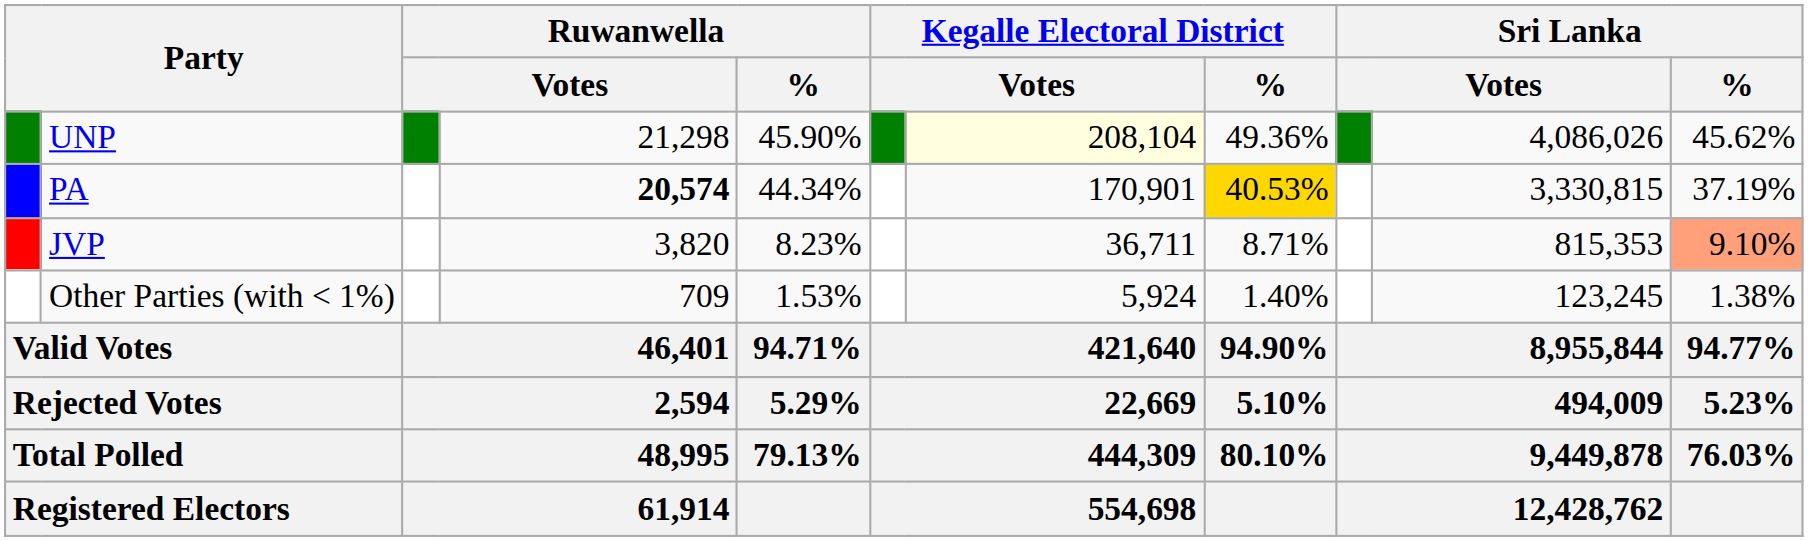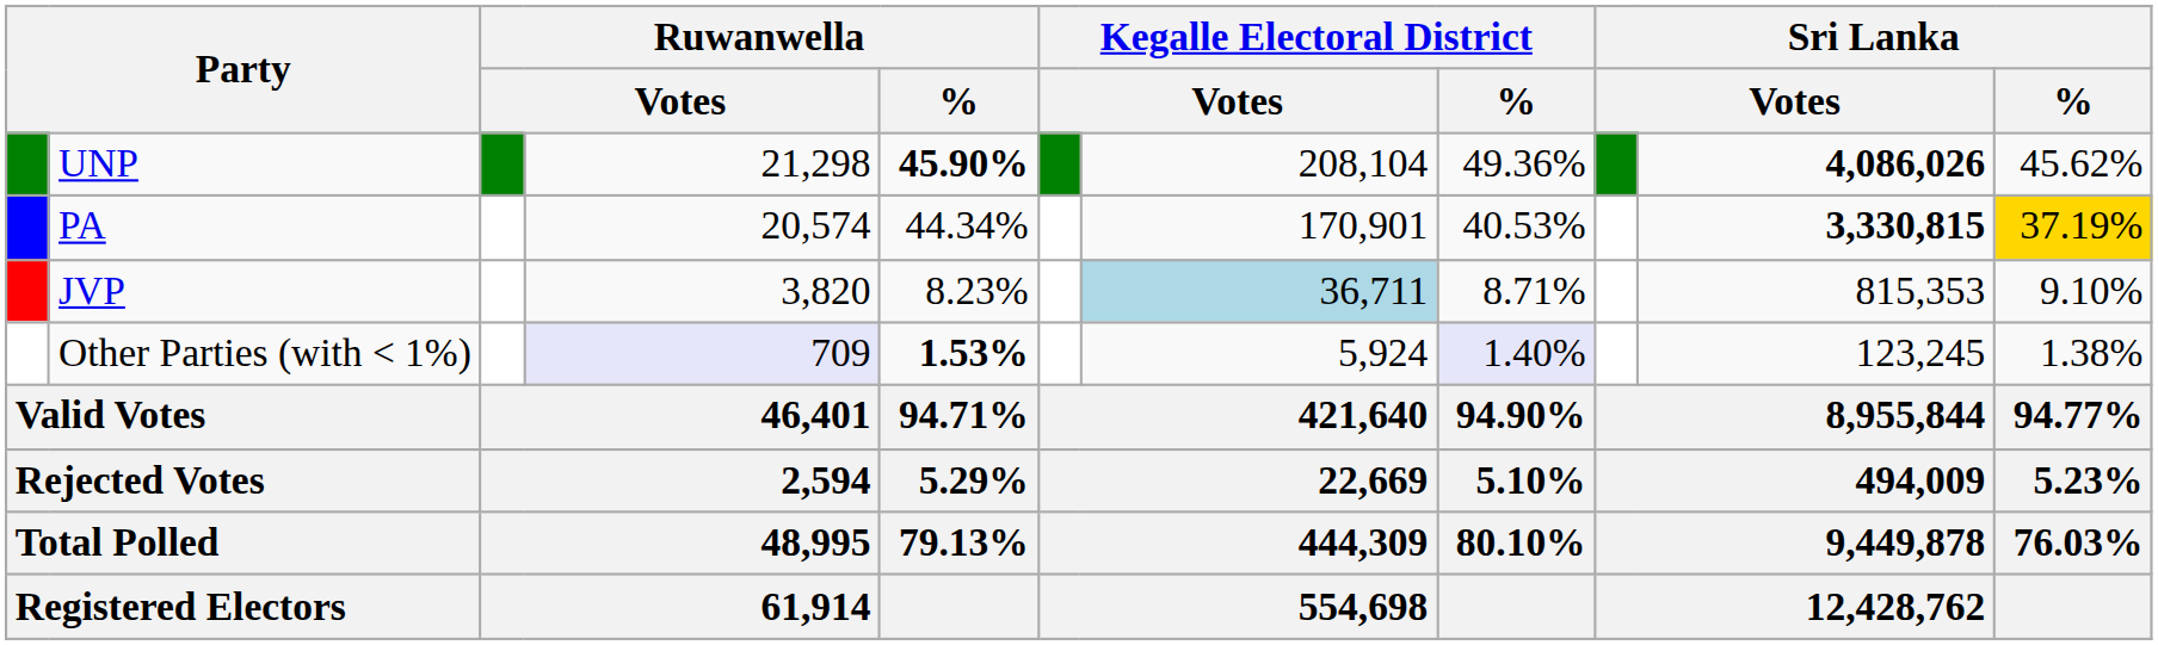 <table class="wikitable">
 <tr>
 <th colspan="2" width="144px"rowspan="2">Party</th>
 <th colspan="3" width="216px">Ruwanwella</th>
 <th colspan="3" width="216px"><a href='#'>Kegalle Electoral District</a></th>
 <th colspan="3" width="216px">Sri Lanka</th>
 </tr>
 <tr>
 <th colspan="2" width="144px">Votes</th>
 <th>%</th>
 <th colspan="2" width="144px">Votes</th>
 <th>%</th>
 <th colspan="2" width="144px">Votes</th>
 <th>%</th>
 </tr>
 <tr>
 <td style="background-color:green;" width="10px"></td>
 <td style="text-align:left;"><a href='#'>UNP</a></td>
 <td style="background-color:green;" width="10px"></td>
 <td style="text-align:right;">21,298</td>
-<td style="text-align:right;">45.90%</td>
+<td style="text-align:right;"><strong>45.90%</strong></td>
 <td style="background-color:green;" width="10px"></td>
-<td style="background: lightyellow; text-align:right;">208,104</td>
+<td style="text-align:right;">208,104</td>
 <td style="text-align:right;">49.36%</td>
 <td style="background-color:green;" width="10px"></td>
-<td style="text-align:right;">4,086,026</td>
+<td style="text-align:right;"><strong>4,086,026</strong></td>
 <td style="text-align:right;">45.62%</td>
 </tr>
 <tr>
 <td style="background-color:blue;" width="10px"></td>
 <td style="text-align:left;"><a href='#'>PA</a></td>
 <td style="background-color:white;" width="10px"></td>
-<td style="text-align:right;"><strong>20,574</strong></td>
+<td style="text-align:right;">20,574</td>
 <td style="text-align:right;">44.34%</td>
 <td style="background-color:white;" width="10px"></td>
 <td style="text-align:right;">170,901</td>
-<td style="background: gold; text-align:right;">40.53%</td>
+<td style="text-align:right;">40.53%</td>
 <td style="background-color:white;" width="10px"></td>
-<td style="text-align:right;">3,330,815</td>
-<td style="text-align:right;">37.19%</td>
+<td style="text-align:right;"><strong>3,330,815</strong></td>
+<td style="background: gold; text-align:right;">37.19%</td>
 </tr>
 <tr>
 <td style="background-color:red;" width="10px"></td>
 <td style="text-align:left;"><a href='#'>JVP</a></td>
 <td style="background-color:white;" width="10px"></td>
 <td style="text-align:right;">3,820</td>
 <td style="text-align:right;">8.23%</td>
 <td style="background-color:white;" width="10px"></td>
-<td style="text-align:right;">36,711</td>
+<td style="background: lightblue; text-align:right;">36,711</td>
 <td style="text-align:right;">8.71%</td>
 <td style="background-color:white;" width="10px"></td>
 <td style="text-align:right;">815,353</td>
-<td style="background: lightsalmon; text-align:right;">9.10%</td>
+<td style="text-align:right;">9.10%</td>
 </tr>
 <tr>
 <td style="background-color:white;" width="10px"></td>
 <td style="text-align:left;">Other Parties (with < 1%)</td>
 <td style="background-color:white;" width="10px"></td>
-<td style="text-align:right;">709</td>
-<td style="text-align:right;">1.53%</td>
+<td style="background: lavender; text-align:right;">709</td>
+<td style="text-align:right;"><strong>1.53%</strong></td>
 <td style="background-color:white;" width="10px"></td>
 <td style="text-align:right;">5,924</td>
-<td style="text-align:right;">1.40%</td>
+<td style="background: lavender; text-align:right;">1.40%</td>
 <td style="background-color:white;" width="10px"></td>
 <td style="text-align:right;">123,245</td>
 <td style="text-align:right;">1.38%</td>
 </tr>
 <tr>
 <th colspan="2" width="144px"style="text-align:left;">Valid Votes</th>
 <th style="text-align:right;"colspan="2" width="144px">46,401</th>
 <th style="text-align:right;">94.71%</th>
 <th style="text-align:right;"colspan="2" width="144px">421,640</th>
 <th style="text-align:right;">94.90%</th>
 <th style="text-align:right;"colspan="2" width="144px">8,955,844</th>
 <th style="text-align:right;">94.77%</th>
 </tr>
 <tr>
 <th colspan="2" width="144px"style="text-align:left;">Rejected Votes</th>
 <th style="text-align:right;"colspan="2" width="144px">2,594</th>
 <th style="text-align:right;">5.29%</th>
 <th style="text-align:right;"colspan="2" width="144px">22,669</th>
 <th style="text-align:right;">5.10%</th>
 <th style="text-align:right;"colspan="2" width="144px">494,009</th>
 <th style="text-align:right;">5.23%</th>
 </tr>
 <tr>
 <th colspan="2" width="144px"style="text-align:left;">Total Polled</th>
 <th style="text-align:right;"colspan="2" width="144px">48,995</th>
 <th style="text-align:right;">79.13%</th>
 <th style="text-align:right;"colspan="2" width="144px">444,309</th>
 <th style="text-align:right;">80.10%</th>
 <th style="text-align:right;"colspan="2" width="144px">9,449,878</th>
 <th style="text-align:right;">76.03%</th>
 </tr>
 <tr>
 <th colspan="2" width="144px"style="text-align:left;">Registered Electors</th>
 <th style="text-align:right;"colspan="2" width="144px">61,914</th>
 <th></th>
 <th style="text-align:right;"colspan="2" width="144px">554,698</th>
 <th></th>
 <th style="text-align:right;"colspan="2" width="144px">12,428,762</th>
 <th></th>
 </tr>
 </table>
